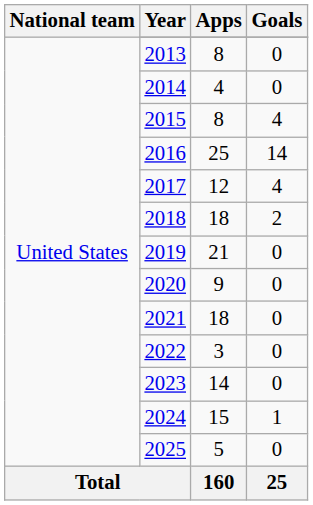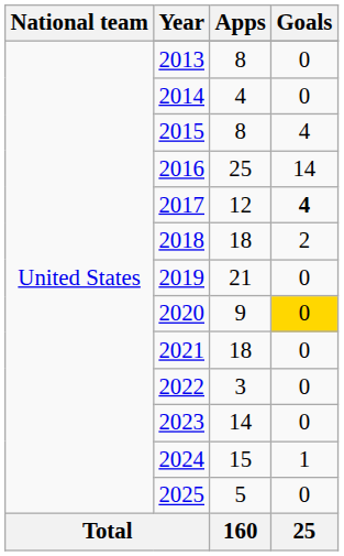 <table class="wikitable" style="text-align:center">
 <tr>
 <th>National team</th>
 <th>Year</th>
 <th>Apps</th>
 <th>Goals</th>
 </tr>
 <tr>
 <td rowspan=14><a href='#'>United States</a></td>
 </tr>
 <tr>
 <td><a href='#'>2013</a></td>
 <td>8</td>
 <td>0</td>
 </tr>
 <tr>
 <td><a href='#'>2014</a></td>
 <td>4</td>
 <td>0</td>
 </tr>
 <tr>
 <td><a href='#'>2015</a></td>
 <td>8</td>
 <td>4</td>
 </tr>
 <tr>
 <td><a href='#'>2016</a></td>
 <td>25</td>
 <td>14</td>
 </tr>
 <tr>
 <td><a href='#'>2017</a></td>
 <td>12</td>
-<td>4</td>
+<td><strong>4</strong></td>
 </tr>
 <tr>
 <td><a href='#'>2018</a></td>
 <td>18</td>
 <td>2</td>
 </tr>
 <tr>
 <td><a href='#'>2019</a></td>
 <td>21</td>
 <td>0</td>
 </tr>
 <tr>
 <td><a href='#'>2020</a></td>
 <td>9</td>
-<td>0</td>
+<td style="background: gold;">0</td>
 </tr>
 <tr>
 <td><a href='#'>2021</a></td>
 <td>18</td>
 <td>0</td>
 </tr>
 <tr>
 <td><a href='#'>2022</a></td>
 <td>3</td>
 <td>0</td>
 </tr>
 <tr>
 <td><a href='#'>2023</a></td>
 <td>14</td>
 <td>0</td>
 </tr>
 <tr>
 <td><a href='#'>2024</a></td>
 <td>15</td>
 <td>1</td>
 </tr>
 <tr>
 <td><a href='#'>2025</a></td>
 <td>5</td>
 <td>0</td>
 </tr>
 <tr>
 <th colspan=2>Total</th>
 <th>160</th>
 <th>25</th>
 </tr>
 </table>
